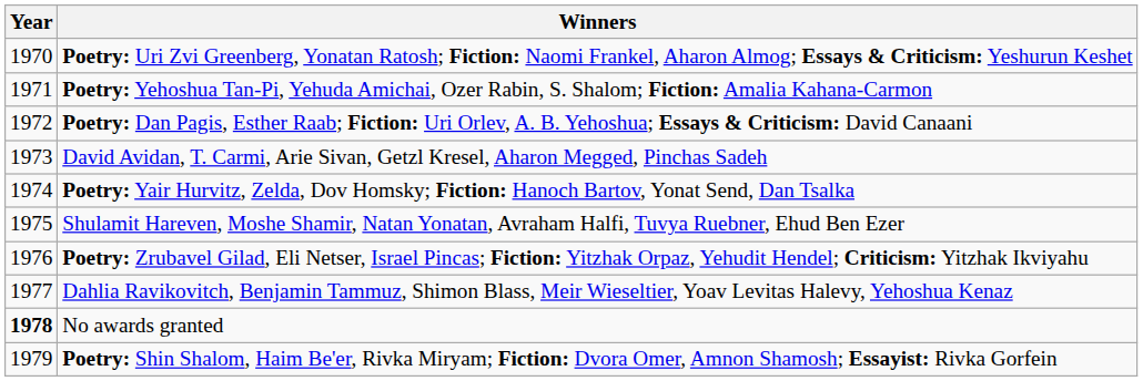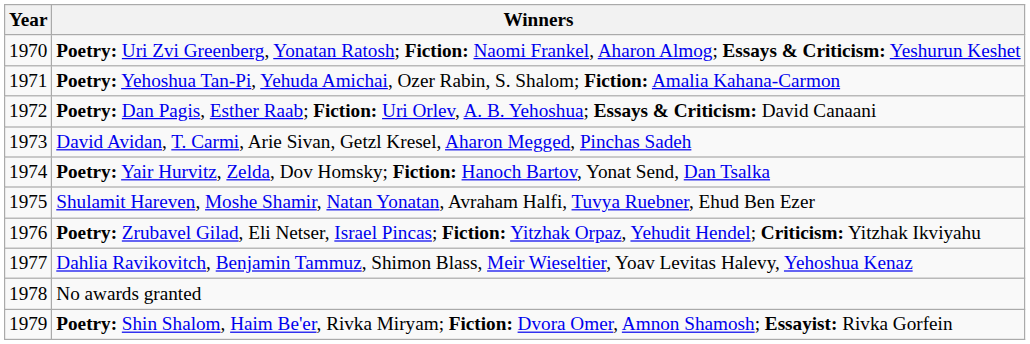 <table class="wikitable">
 <tr>
 <th>Year</th>
 <th>Winners</th>
 </tr>
 <tr>
 <td>1970</td>
 <td><strong>Poetry:</strong> <a href='#'>Uri Zvi Greenberg</a>, <a href='#'>Yonatan Ratosh</a>; <strong>Fiction:</strong> <a href='#'>Naomi Frankel</a>, <a href='#'>Aharon Almog</a>; <strong>Essays & Criticism:</strong> <a href='#'>Yeshurun Keshet</a></td>
 </tr>
 <tr>
 <td>1971</td>
 <td><strong>Poetry:</strong> <a href='#'>Yehoshua Tan-Pi</a>, <a href='#'>Yehuda Amichai</a>, Ozer Rabin, S. Shalom; <strong>Fiction:</strong> <a href='#'>Amalia Kahana-Carmon</a></td>
 </tr>
 <tr>
 <td>1972</td>
 <td><strong>Poetry:</strong> <a href='#'>Dan Pagis</a>, <a href='#'>Esther Raab</a>; <strong>Fiction:</strong> <a href='#'>Uri Orlev</a>, <a href='#'>A. B. Yehoshua</a>; <strong>Essays & Criticism:</strong> David Canaani</td>
 </tr>
 <tr>
 <td>1973</td>
 <td><a href='#'>David Avidan</a>, <a href='#'>T. Carmi</a>, Arie Sivan, Getzl Kresel, <a href='#'>Aharon Megged</a>, <a href='#'>Pinchas Sadeh</a></td>
 </tr>
 <tr>
 <td>1974</td>
 <td><strong>Poetry:</strong> <a href='#'>Yair Hurvitz</a>, <a href='#'>Zelda</a>, Dov Homsky; <strong>Fiction:</strong> <a href='#'>Hanoch Bartov</a>, Yonat Send, <a href='#'>Dan Tsalka</a></td>
 </tr>
 <tr>
 <td>1975</td>
 <td><a href='#'>Shulamit Hareven</a>, <a href='#'>Moshe Shamir</a>, <a href='#'>Natan Yonatan</a>, Avraham Halfi, <a href='#'>Tuvya Ruebner</a>, Ehud Ben Ezer</td>
 </tr>
 <tr>
 <td>1976</td>
 <td><strong>Poetry:</strong> <a href='#'>Zrubavel Gilad</a>, Eli Netser, <a href='#'>Israel Pincas</a>; <strong>Fiction:</strong> <a href='#'>Yitzhak Orpaz</a>, <a href='#'>Yehudit Hendel</a>; <strong>Criticism:</strong> Yitzhak Ikviyahu</td>
 </tr>
 <tr>
 <td>1977</td>
 <td><a href='#'>Dahlia Ravikovitch</a>, <a href='#'>Benjamin Tammuz</a>, Shimon Blass, <a href='#'>Meir Wieseltier</a>, Yoav Levitas Halevy, <a href='#'>Yehoshua Kenaz</a></td>
 </tr>
 <tr>
-<td><strong>1978</strong></td>
+<td>1978</td>
 <td>No awards granted</td>
 </tr>
 <tr>
 <td>1979</td>
 <td><strong>Poetry:</strong> <a href='#'>Shin Shalom</a>, <a href='#'>Haim Be'er</a>, Rivka Miryam; <strong>Fiction:</strong> <a href='#'>Dvora Omer</a>, <a href='#'>Amnon Shamosh</a>; <strong>Essayist:</strong> Rivka Gorfein</td>
 </tr>
 </table>
